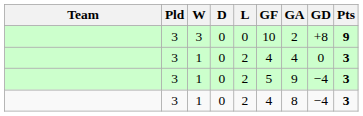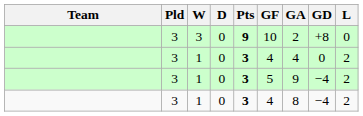 <table class="wikitable" style="text-align:center;">
 <tr>
 <th width=180>Team</th>
 <th width=20>Pld</th>
 <th width=20>W</th>
 <th width=20>D</th>
-<th width=20>L</th>
+<th width=20>Pts</th>
 <th width=20>GF</th>
 <th width=20>GA</th>
 <th width=20>GD</th>
-<th width=20>Pts</th>
+<th width=20>L</th>
 </tr>
 <tr bgcolor=ccffcc>
 <td align="left"><em></em></td>
 <td>3</td>
 <td>3</td>
 <td>0</td>
-<td>0</td>
+<td><strong>9</strong></td>
 <td>10</td>
 <td>2</td>
 <td>+8</td>
-<td><strong>9</strong></td>
+<td>0</td>
 </tr>
 <tr bgcolor=ccffcc>
 <td align="left"></td>
 <td>3</td>
 <td>1</td>
 <td>0</td>
-<td>2</td>
+<td><strong>3</strong></td>
 <td>4</td>
 <td>4</td>
 <td>0</td>
-<td><strong>3</strong></td>
+<td>2</td>
 </tr>
 <tr bgcolor=ccffcc>
 <td align="left"></td>
 <td>3</td>
 <td>1</td>
 <td>0</td>
-<td>2</td>
+<td><strong>3</strong></td>
 <td>5</td>
 <td>9</td>
 <td>−4</td>
-<td><strong>3</strong></td>
+<td>2</td>
 </tr>
 <tr>
 <td align="left"></td>
 <td>3</td>
 <td>1</td>
 <td>0</td>
-<td>2</td>
+<td><strong>3</strong></td>
 <td>4</td>
 <td>8</td>
 <td>−4</td>
-<td><strong>3</strong></td>
+<td>2</td>
 </tr>
 </table>
